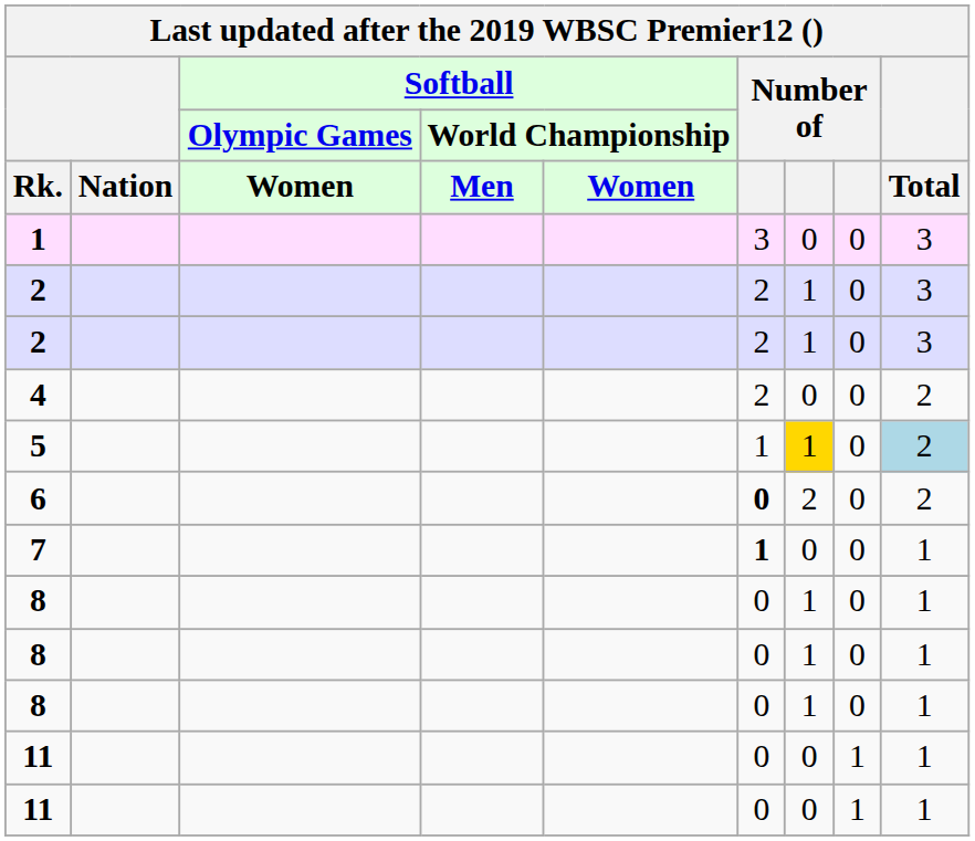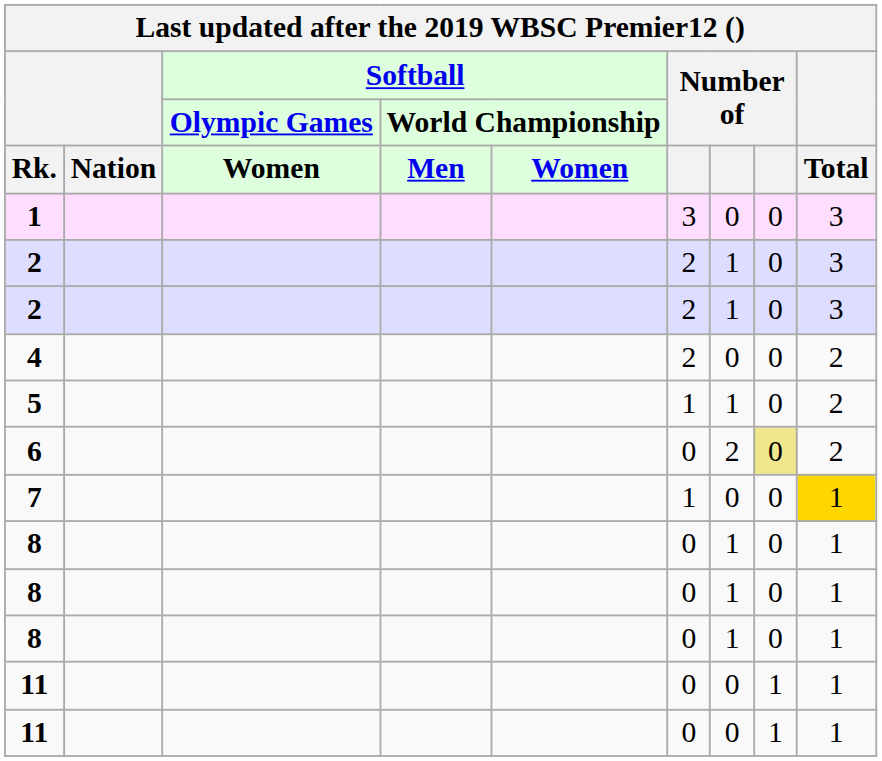 <table class="wikitable" style="margin-top: 0em; text-align: center; font-size: 100%;">
 <tr>
 <th colspan="9">Last updated after the 2019 WBSC Premier12 ()</th>
 </tr>
 <tr>
 <th rowspan="2" colspan="2"></th>
 <th colspan="3" style="background: #dfd;"><a href='#'>Softball</a></th>
 <th rowspan="2" colspan="3">Number of</th>
 <th rowspan="2"></th>
 </tr>
 <tr>
 <th style="background: #dfd;"><a href='#'>Olympic Games</a></th>
 <th colspan="2" style="background: #dfd;">World Championship</th>
 </tr>
 <tr>
 <th style="width: 1em;">Rk.</th>
 <th>Nation</th>
 <th style="background: #dfd;">Women</th>
 <th style="background: #dfd;"><a href='#'>Men</a></th>
 <th style="background: #dfd;"><a href='#'>Women</a></th>
 <th style="width: 1em;"></th>
 <th style="width: 1em;"></th>
 <th style="width: 1em;"></th>
 <th style="width: 1em;">Total</th>
 </tr>
 <tr style="background: #fdf;">
 <td><strong>1</strong></td>
 <td style="text-align: left;"></td>
 <td></td>
 <td></td>
 <td></td>
 <td>3</td>
 <td>0</td>
 <td>0</td>
 <td>3</td>
 </tr>
 <tr style="background: #ddf;">
 <td><strong>2</strong></td>
 <td style="text-align: left;"></td>
 <td></td>
 <td></td>
 <td></td>
 <td>2</td>
 <td>1</td>
 <td>0</td>
 <td>3</td>
 </tr>
 <tr style="background: #ddf;">
 <td><strong>2</strong></td>
 <td style="text-align: left;"></td>
 <td></td>
 <td></td>
 <td></td>
 <td>2</td>
 <td>1</td>
 <td>0</td>
 <td>3</td>
 </tr>
 <tr>
 <td><strong>4</strong></td>
 <td style="text-align: left;"></td>
 <td></td>
 <td></td>
 <td></td>
 <td>2</td>
 <td>0</td>
 <td>0</td>
 <td>2</td>
 </tr>
 <tr>
 <td><strong>5</strong></td>
 <td style="text-align: left;"></td>
 <td></td>
 <td></td>
 <td></td>
 <td>1</td>
-<td style="background: gold;">1</td>
+<td>1</td>
 <td>0</td>
-<td style="background: lightblue;">2</td>
+<td>2</td>
 </tr>
 <tr>
 <td><strong>6</strong></td>
 <td style="text-align: left;"></td>
 <td></td>
 <td></td>
 <td></td>
-<td><strong>0</strong></td>
+<td>0</td>
 <td>2</td>
-<td>0</td>
+<td style="background: khaki;">0</td>
 <td>2</td>
 </tr>
 <tr>
 <td><strong>7</strong></td>
 <td style="text-align: left;"></td>
 <td></td>
 <td></td>
 <td></td>
-<td><strong>1</strong></td>
+<td>1</td>
 <td>0</td>
 <td>0</td>
-<td>1</td>
+<td style="background: gold;">1</td>
 </tr>
 <tr>
 <td><strong>8</strong></td>
 <td style="text-align: left;"></td>
 <td></td>
 <td></td>
 <td></td>
 <td>0</td>
 <td>1</td>
 <td>0</td>
 <td>1</td>
 </tr>
 <tr>
 <td><strong>8</strong></td>
 <td style="text-align: left;"></td>
 <td></td>
 <td></td>
 <td></td>
 <td>0</td>
 <td>1</td>
 <td>0</td>
 <td>1</td>
 </tr>
 <tr>
 <td><strong>8</strong></td>
 <td style="text-align: left;"></td>
 <td></td>
 <td></td>
 <td></td>
 <td>0</td>
 <td>1</td>
 <td>0</td>
 <td>1</td>
 </tr>
 <tr>
 <td><strong>11</strong></td>
 <td style="text-align: left;"></td>
 <td></td>
 <td></td>
 <td></td>
 <td>0</td>
 <td>0</td>
 <td>1</td>
 <td>1</td>
 </tr>
 <tr>
 <td><strong>11</strong></td>
 <td style="text-align: left;"></td>
 <td></td>
 <td></td>
 <td></td>
 <td>0</td>
 <td>0</td>
 <td>1</td>
 <td>1</td>
 </tr>
 </table>
